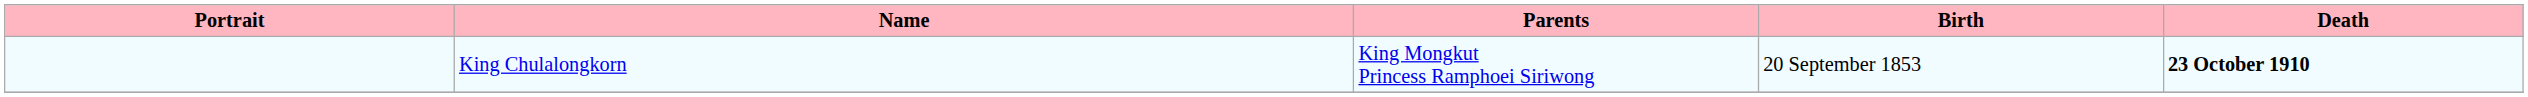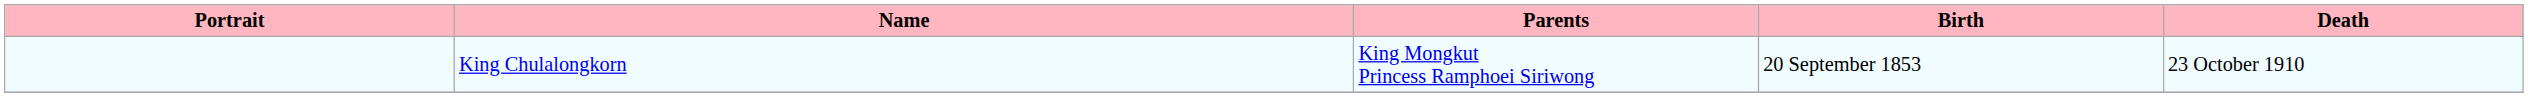 <table width=100% class="wikitable">
 <tr>
 <th style="background-color:#FFB6C1" width=10%>Portrait</th>
 <th style="background-color:#FFB6C1" width=20%>Name</th>
 <th style="background-color:#FFB6C1" width=9%>Parents</th>
 <th style="background-color:#FFB6C1" width=9%>Birth</th>
 <th style="background-color:#FFB6C1" width=8%>Death</th>
 </tr>
 <tr bgcolor=f0fcff>
 <td align="center"></td>
 <td><a href='#'>King Chulalongkorn</a><br></td>
 <td><a href='#'>King Mongkut</a><br><a href='#'>Princess Ramphoei Siriwong</a></td>
 <td>20 September 1853</td>
-<td><strong>23 October 1910</strong></td>
+<td>23 October 1910</td>
 </tr>
 <tr>
 </tr>
 </table>
